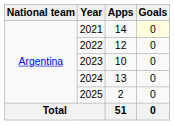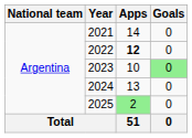 <table class="wikitable" style="text-align: center;">
 <tr>
 <th>National team</th>
 <th>Year</th>
 <th>Apps</th>
 <th>Goals</th>
 </tr>
 <tr>
 <td rowspan="5"><a href='#'>Argentina</a></td>
 <td>2021</td>
 <td>14</td>
-<td style="background: lightyellow;">0</td>
+<td>0</td>
 </tr>
 <tr>
 <td>2022</td>
-<td>12</td>
+<td><strong>12</strong></td>
 <td>0</td>
 </tr>
 <tr>
 <td>2023</td>
 <td>10</td>
-<td>0</td>
+<td style="background: lightgreen;">0</td>
 </tr>
 <tr>
 <td>2024</td>
 <td>13</td>
 <td>0</td>
 </tr>
 <tr>
 <td>2025</td>
-<td>2</td>
+<td style="background: lightgreen;">2</td>
 <td>0</td>
 </tr>
 <tr>
 <th colspan="2">Total</th>
 <th>51</th>
 <th>0</th>
 </tr>
 </table>
